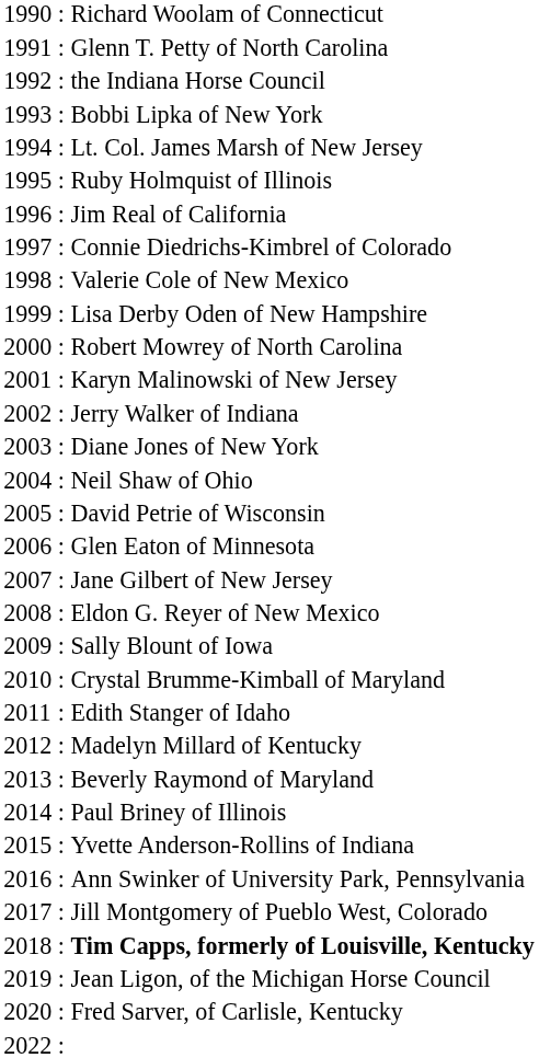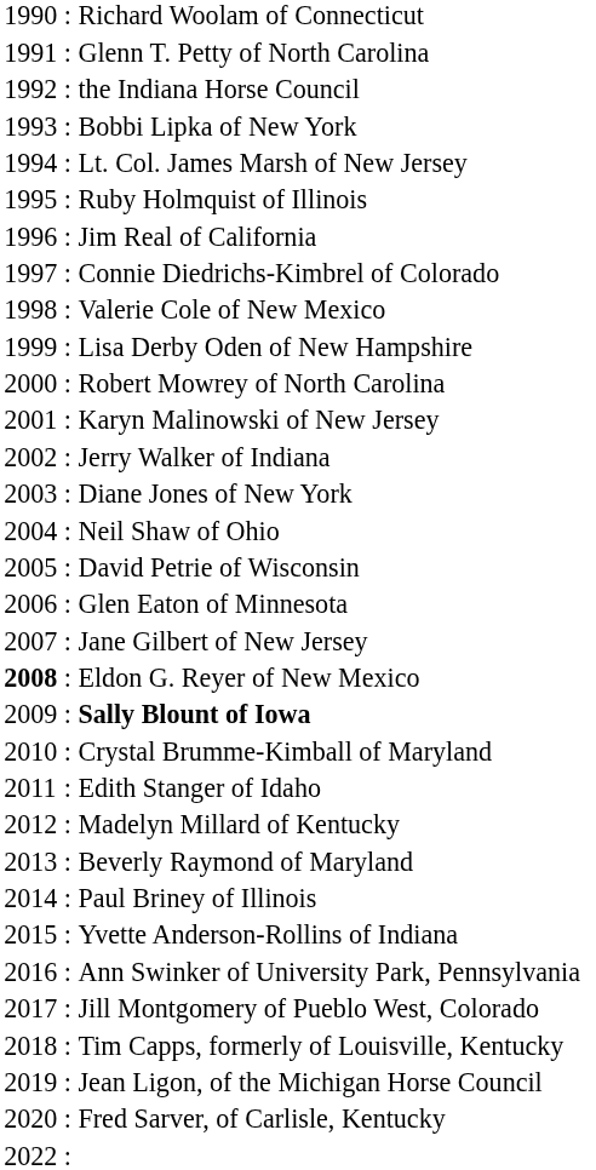 <table>
 <tr>
 <td>1990</td>
 <td>:</td>
 <td>Richard Woolam of Connecticut</td>
 </tr>
 <tr>
 <td>1991</td>
 <td>:</td>
 <td>Glenn T. Petty of North Carolina</td>
 </tr>
 <tr>
 <td>1992</td>
 <td>:</td>
 <td>the Indiana Horse Council</td>
 </tr>
 <tr>
 <td>1993</td>
 <td>:</td>
 <td>Bobbi Lipka of New York</td>
 </tr>
 <tr>
 <td>1994</td>
 <td>:</td>
 <td>Lt. Col. James Marsh of New Jersey</td>
 </tr>
 <tr>
 <td>1995</td>
 <td>:</td>
 <td>Ruby Holmquist of Illinois</td>
 </tr>
 <tr>
 <td>1996</td>
 <td>:</td>
 <td>Jim Real of California</td>
 </tr>
 <tr>
 <td>1997</td>
 <td>:</td>
 <td>Connie Diedrichs-Kimbrel of Colorado</td>
 </tr>
 <tr>
 <td>1998</td>
 <td>:</td>
 <td>Valerie Cole of New Mexico</td>
 </tr>
 <tr>
 <td>1999</td>
 <td>:</td>
 <td>Lisa Derby Oden of New Hampshire</td>
 </tr>
 <tr>
 <td>2000</td>
 <td>:</td>
 <td>Robert Mowrey of North Carolina</td>
 </tr>
 <tr>
 <td>2001</td>
 <td>:</td>
 <td>Karyn Malinowski of New Jersey</td>
 </tr>
 <tr>
 <td>2002</td>
 <td>:</td>
 <td>Jerry Walker of Indiana</td>
 </tr>
 <tr>
 <td>2003</td>
 <td>:</td>
 <td>Diane Jones of New York</td>
 </tr>
 <tr>
 <td>2004</td>
 <td>:</td>
 <td>Neil Shaw of Ohio</td>
 </tr>
 <tr>
 <td>2005</td>
 <td>:</td>
 <td>David Petrie of Wisconsin</td>
 </tr>
 <tr>
 <td>2006</td>
 <td>:</td>
 <td>Glen Eaton of Minnesota</td>
 </tr>
 <tr>
 <td>2007</td>
 <td>:</td>
 <td>Jane Gilbert of New Jersey</td>
 </tr>
 <tr>
-<td>2008</td>
+<td><strong>2008</strong></td>
 <td>:</td>
 <td>Eldon G. Reyer of New Mexico</td>
 </tr>
 <tr>
 <td>2009</td>
 <td>:</td>
-<td>Sally Blount of Iowa</td>
+<td><strong>Sally Blount of Iowa</strong></td>
 </tr>
 <tr>
 <td>2010</td>
 <td>:</td>
 <td>Crystal Brumme-Kimball of Maryland</td>
 </tr>
 <tr>
 <td>2011</td>
 <td>:</td>
 <td>Edith Stanger of Idaho</td>
 </tr>
 <tr>
 <td>2012</td>
 <td>:</td>
 <td>Madelyn Millard of Kentucky</td>
 </tr>
 <tr>
 <td>2013</td>
 <td>:</td>
 <td>Beverly Raymond of Maryland</td>
 </tr>
 <tr>
 <td>2014</td>
 <td>:</td>
 <td>Paul Briney of Illinois</td>
 </tr>
 <tr>
 <td>2015</td>
 <td>:</td>
 <td>Yvette Anderson-Rollins of Indiana</td>
 </tr>
 <tr>
 <td>2016</td>
 <td>:</td>
 <td>Ann Swinker of University Park, Pennsylvania</td>
 </tr>
 <tr>
 <td>2017</td>
 <td>:</td>
 <td>Jill Montgomery of Pueblo West, Colorado</td>
 </tr>
 <tr>
 <td>2018</td>
 <td>:</td>
-<td><strong>Tim Capps, formerly of Louisville, Kentucky</strong></td>
+<td>Tim Capps, formerly of Louisville, Kentucky</td>
 </tr>
 <tr>
 <td>2019</td>
 <td>:</td>
 <td>Jean Ligon, of the Michigan Horse Council</td>
 </tr>
 <tr>
 <td>2020</td>
 <td>:</td>
 <td>Fred Sarver, of Carlisle, Kentucky</td>
 </tr>
 <tr>
 <td>2022</td>
 <td>:</td>
 <td></td>
 </tr>
 <tr>
 </tr>
 </table>
